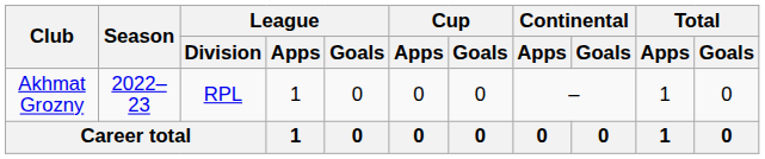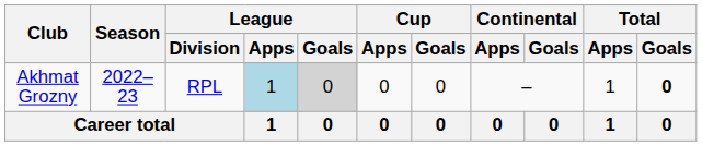 <table class="wikitable" style="text-align:center">
 <tr>
 <th rowspan="2">Club</th>
 <th rowspan="2">Season</th>
 <th colspan="3">League</th>
 <th colspan="2">Cup</th>
 <th colspan="2">Continental</th>
 <th colspan="2">Total</th>
 </tr>
 <tr>
 <th>Division</th>
 <th>Apps</th>
 <th>Goals</th>
 <th>Apps</th>
 <th>Goals</th>
 <th>Apps</th>
 <th>Goals</th>
 <th>Apps</th>
 <th>Goals</th>
 </tr>
 <tr>
 <td><a href='#'>Akhmat Grozny</a></td>
 <td><a href='#'>2022–23</a></td>
 <td><a href='#'>RPL</a></td>
-<td>1</td>
-<td>0</td>
+<td style="background: lightblue;">1</td>
+<td style="background: lightgrey;">0</td>
 <td>0</td>
 <td>0</td>
 <td colspan="2">–</td>
 <td>1</td>
-<td>0</td>
+<td><strong>0</strong></td>
 </tr>
 <tr>
 <th colspan="3">Career total</th>
 <th>1</th>
 <th>0</th>
 <th>0</th>
 <th>0</th>
 <th>0</th>
 <th>0</th>
 <th>1</th>
 <th>0</th>
 </tr>
 </table>
